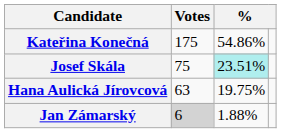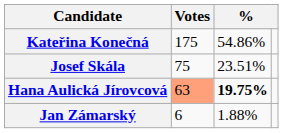 <table class="wikitable">
 <tr>
 <th>Candidate</th>
 <th>Votes</th>
 <th colspan=2>%</th>
 </tr>
 <tr>
 <th><a href='#'>Kateřina Konečná</a></th>
 <td>175</td>
 <td>54.86%</td>
 <td></td>
 </tr>
 <tr>
 <th><a href='#'>Josef Skála</a></th>
 <td>75</td>
-<td style="background: paleturquoise;">23.51%</td>
+<td>23.51%</td>
 <td></td>
 </tr>
 <tr>
 <th><a href='#'>Hana Aulická Jírovcová</a></th>
-<td>63</td>
-<td>19.75%</td>
+<td style="background: lightsalmon;">63</td>
+<td><strong>19.75%</strong></td>
 <td></td>
 </tr>
 <tr>
 <th><a href='#'>Jan Zámarský</a></th>
-<td style="background: lightgrey;">6</td>
+<td>6</td>
 <td>1.88%</td>
 <td></td>
 </tr>
 </table>
